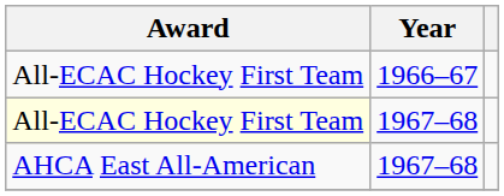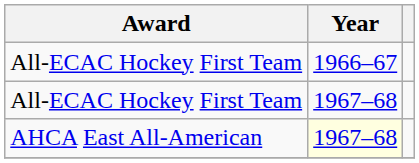 <table class="wikitable">
 <tr>
 <th>Award</th>
 <th>Year</th>
 <th></th>
 </tr>
 <tr>
 <td>All-<a href='#'>ECAC Hockey</a> <a href='#'>First Team</a></td>
 <td><a href='#'>1966–67</a></td>
 <td></td>
 </tr>
 <tr>
-<td style="background: lightyellow;">All-<a href='#'>ECAC Hockey</a> <a href='#'>First Team</a></td>
+<td>All-<a href='#'>ECAC Hockey</a> <a href='#'>First Team</a></td>
 <td><a href='#'>1967–68</a></td>
 <td></td>
 </tr>
 <tr>
 <td><a href='#'>AHCA</a> <a href='#'>East All-American</a></td>
-<td><a href='#'>1967–68</a></td>
+<td style="background: lightyellow;"><a href='#'>1967–68</a></td>
 <td></td>
 </tr>
 <tr>
 </tr>
 </table>
